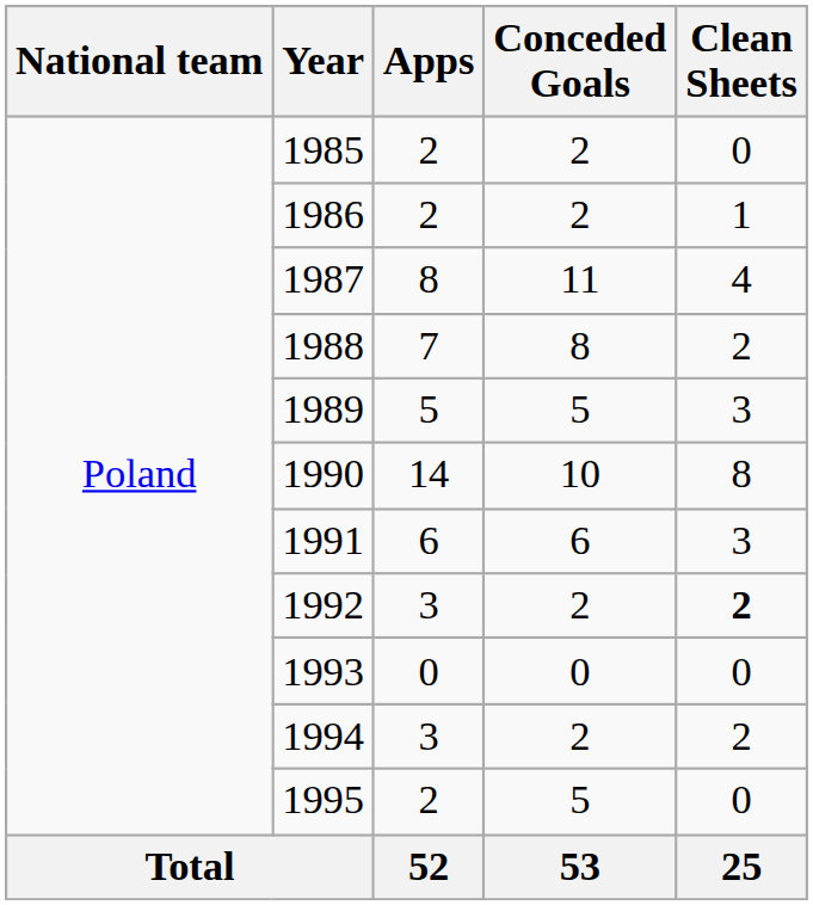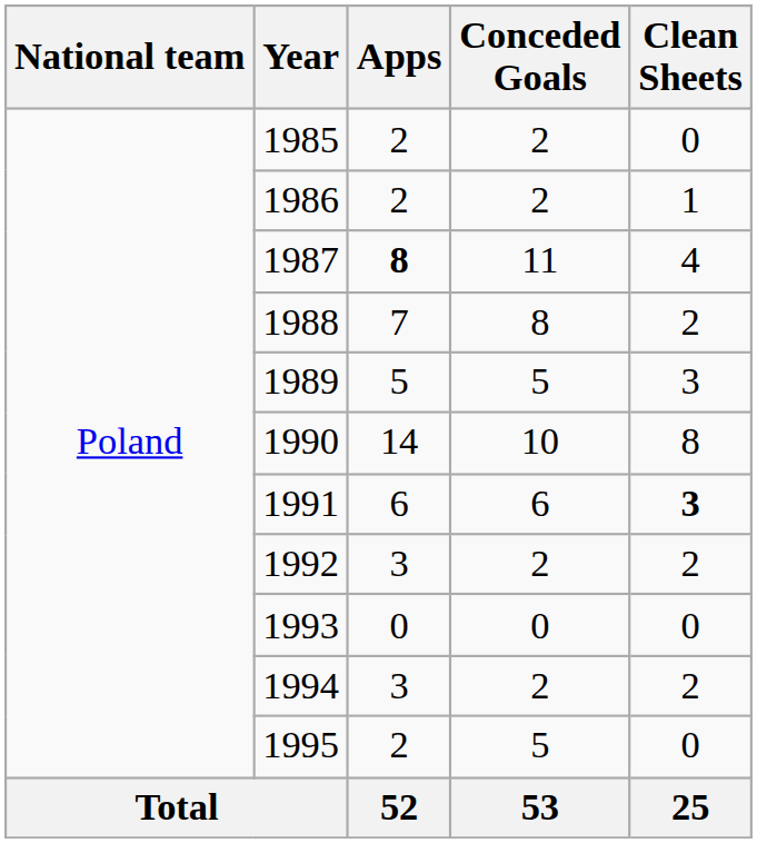 <table class="wikitable" style="text-align:center">
 <tr>
 <th>National team</th>
 <th>Year</th>
 <th>Apps</th>
 <th>Conceded<br>Goals</th>
 <th>Clean<br>Sheets</th>
 </tr>
 <tr>
 <td rowspan="11" style="vertical-align:center;"><a href='#'>Poland</a></td>
 <td>1985</td>
 <td>2</td>
 <td>2</td>
 <td>0</td>
 </tr>
 <tr>
 <td>1986</td>
 <td>2</td>
 <td>2</td>
 <td>1</td>
 </tr>
 <tr>
 <td>1987</td>
-<td>8</td>
+<td><strong>8</strong></td>
 <td>11</td>
 <td>4</td>
 </tr>
 <tr>
 <td>1988</td>
 <td>7</td>
 <td>8</td>
 <td>2</td>
 </tr>
 <tr>
 <td>1989</td>
 <td>5</td>
 <td>5</td>
 <td>3</td>
 </tr>
 <tr>
 <td>1990</td>
 <td>14</td>
 <td>10</td>
 <td>8</td>
 </tr>
 <tr>
 <td>1991</td>
 <td>6</td>
 <td>6</td>
-<td>3</td>
+<td><strong>3</strong></td>
 </tr>
 <tr>
 <td>1992</td>
 <td>3</td>
 <td>2</td>
-<td><strong>2</strong></td>
+<td>2</td>
 </tr>
 <tr>
 <td>1993</td>
 <td>0</td>
 <td>0</td>
 <td>0</td>
 </tr>
 <tr>
 <td>1994</td>
 <td>3</td>
 <td>2</td>
 <td>2</td>
 </tr>
 <tr>
 <td>1995</td>
 <td>2</td>
 <td>5</td>
 <td>0</td>
 </tr>
 <tr>
 <th colspan="2">Total</th>
 <th>52</th>
 <th>53</th>
 <th>25</th>
 </tr>
 </table>
